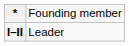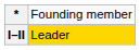 <table class="wikitable">
 <tr>
 <th>*</th>
 <td>Founding member</td>
 </tr>
 <tr>
 <th>I–II</th>
-<td>Leader</td>
+<td style="background: gold;">Leader</td>
 </tr>
 </table>
